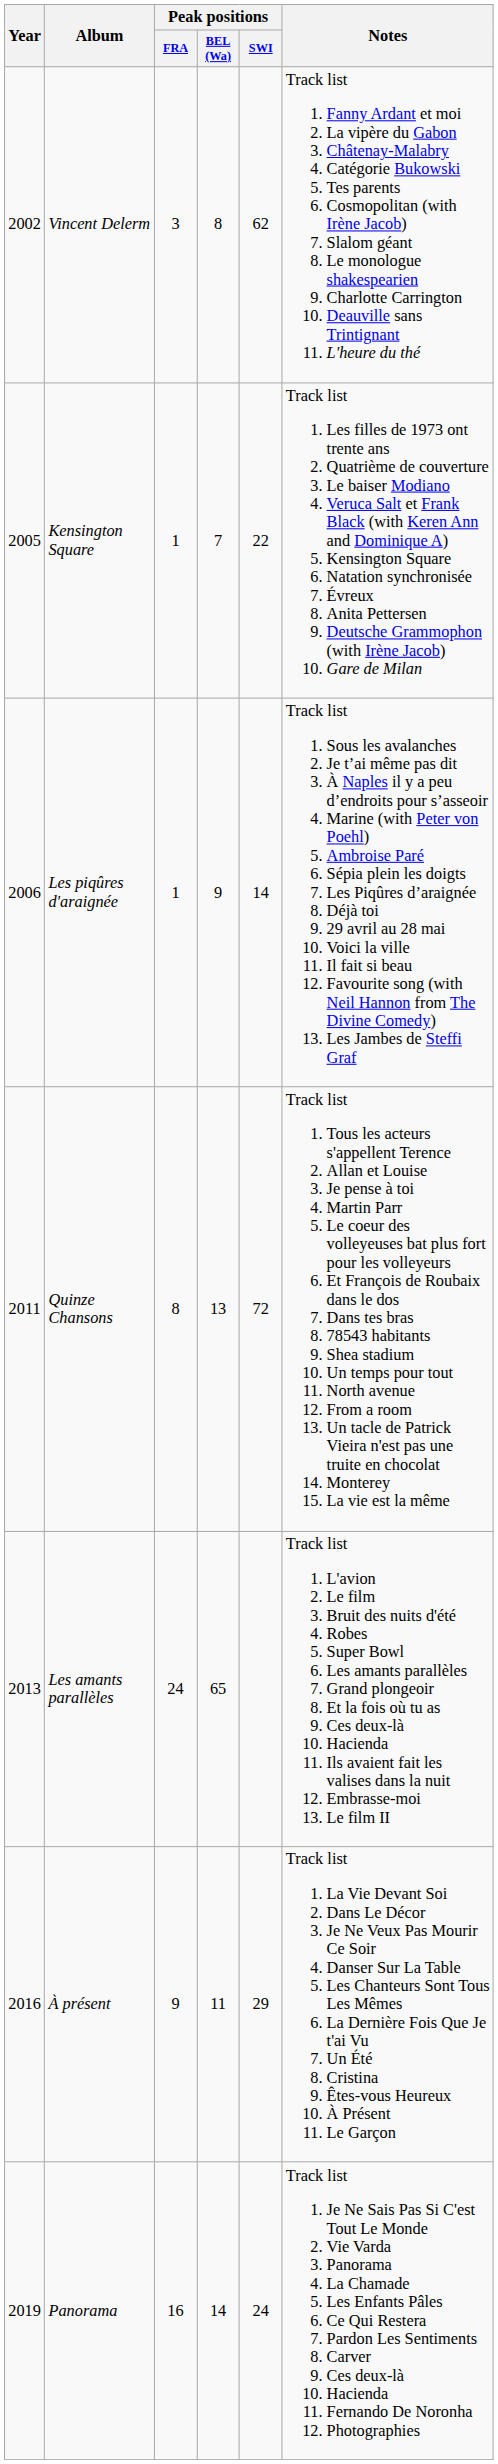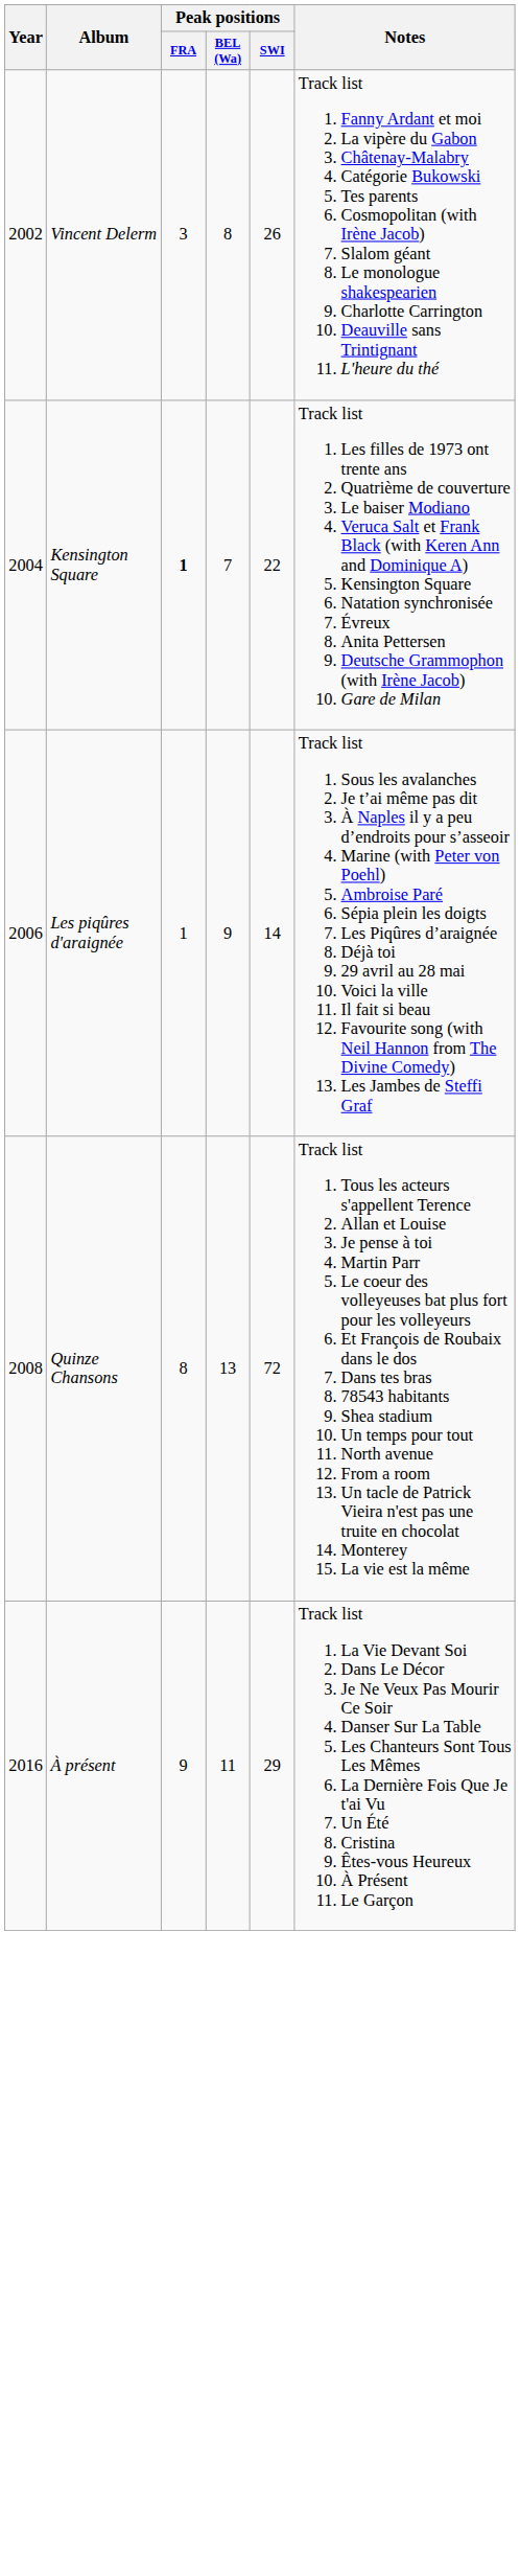 <table class="wikitable">
 <tr>
 <th align="center" rowspan="2" width="10">Year</th>
 <th align="center" rowspan="2" width="100">Album</th>
 <th align="center" colspan="3" width="30">Peak positions</th>
 <th align="center" rowspan="2" width="200">Notes</th>
 </tr>
 <tr>
 <th scope="col" style="width:3em;font-size:75%;"><a href='#'>FRA</a><br></th>
 <th scope="col" style="width:3em;font-size:75%;"><a href='#'>BEL <br>(Wa)</a><br></th>
 <th scope="col" style="width:3em;font-size:75%;"><a href='#'>SWI</a><br></th>
 </tr>
 <tr>
 <td align="center">2002</td>
 <td><em>Vincent Delerm</em></td>
 <td align="center">3</td>
 <td align="center">8</td>
-<td align="center">62</td>
+<td align="center">26</td>
 <td>Track list<br><ol><li><a href='#'>Fanny Ardant</a> et moi</li><li>La vipère du <a href='#'>Gabon</a></li><li><a href='#'>Châtenay-Malabry</a></li><li>Catégorie <a href='#'>Bukowski</a></li><li>Tes parents</li><li>Cosmopolitan (with <a href='#'>Irène Jacob</a>)</li><li>Slalom géant</li><li>Le monologue <a href='#'>shakespearien</a></li><li>Charlotte Carrington</li><li><a href='#'>Deauville</a> sans <a href='#'>Trintignant</a></li><li><em>L'heure du thé</em></li></ol></td>
 </tr>
 <tr>
-<td align="center">2005</td>
+<td align="center">2004</td>
 <td><em>Kensington Square</em></td>
-<td align="center">1</td>
+<td align="center"><strong>1</strong></td>
 <td align="center">7</td>
 <td align="center">22</td>
 <td>Track list<br><ol><li>Les filles de 1973 ont trente ans</li><li>Quatrième de couverture</li><li>Le baiser <a href='#'>Modiano</a></li><li><a href='#'>Veruca Salt</a> et <a href='#'>Frank Black</a> (with <a href='#'>Keren Ann</a> and <a href='#'>Dominique A</a>)</li><li>Kensington Square</li><li>Natation synchronisée</li><li>Évreux</li><li>Anita Pettersen</li><li><a href='#'>Deutsche Grammophon</a> (with <a href='#'>Irène Jacob</a>)</li><li><em>Gare de Milan</em></li></ol></td>
 </tr>
 <tr>
 <td align="center">2006</td>
 <td><em>Les piqûres d'araignée</em></td>
 <td align="center">1</td>
 <td align="center">9</td>
 <td align="center">14</td>
 <td>Track list<br><ol><li>Sous les avalanches</li><li>Je t’ai même pas dit</li><li>À <a href='#'>Naples</a> il y a peu d’endroits pour s’asseoir</li><li>Marine (with <a href='#'>Peter von Poehl</a>)</li><li><a href='#'>Ambroise Paré</a></li><li>Sépia plein les doigts</li><li>Les Piqûres d’araignée</li><li>Déjà toi</li><li>29 avril au 28 mai</li><li>Voici la ville</li><li>Il fait si beau</li><li>Favourite song (with <a href='#'>Neil Hannon</a> from <a href='#'>The Divine Comedy</a>)</li><li>Les Jambes de <a href='#'>Steffi Graf</a></li></ol></td>
 </tr>
 <tr>
-<td align="center">2011</td>
+<td align="center">2008</td>
 <td><em>Quinze Chansons</em></td>
 <td align="center">8</td>
 <td align="center">13</td>
 <td align="center">72</td>
 <td>Track list<br><ol><li>Tous les acteurs s'appellent Terence</li><li>Allan et Louise</li><li>Je pense à toi</li><li>Martin Parr</li><li>Le coeur des volleyeuses bat plus fort pour les volleyeurs</li><li>Et François de Roubaix dans le dos</li><li>Dans tes bras</li><li>78543 habitants</li><li>Shea stadium</li><li>Un temps pour tout</li><li>North avenue</li><li>From a room</li><li>Un tacle de Patrick Vieira n'est pas une truite en chocolat</li><li>Monterey</li><li>La vie est la même</li></ol></td>
-</tr>
-<tr>
-<td align="center">2013</td>
-<td><em>Les amants parallèles</em></td>
-<td align="center">24</td>
-<td align="center">65</td>
-<td align="center"></td>
-<td>Track list<br><ol><li>L'avion</li><li>Le film</li><li>Bruit des nuits d'été</li><li>Robes</li><li>Super Bowl</li><li>Les amants parallèles</li><li>Grand plongeoir</li><li>Et la fois où tu as</li><li>Ces deux-là</li><li>Hacienda</li><li>Ils avaient fait les valises dans la nuit</li><li>Embrasse-moi</li><li>Le film II</li></ol></td>
 </tr>
 <tr>
 <td align="center">2016</td>
 <td><em>À présent</em></td>
 <td align="center">9<br></td>
 <td align="center">11</td>
 <td align="center">29</td>
 <td>Track list<br><ol><li>La Vie Devant Soi</li><li>Dans Le Décor</li><li>Je Ne Veux Pas Mourir Ce Soir</li><li>Danser Sur La Table</li><li>Les Chanteurs Sont Tous Les Mêmes</li><li>La Dernière Fois Que Je t'ai Vu</li><li>Un Été</li><li>Cristina</li><li>Êtes-vous Heureux</li><li>À Présent</li><li>Le Garçon</li></ol></td>
 </tr>
-<tr>
-<td align="center">2019</td>
-<td><em>Panorama</em></td>
-<td align="center">16<br></td>
-<td align="center">14</td>
-<td align="center">24</td>
-<td>Track list<br><ol><li>Je Ne Sais Pas Si C'est Tout Le Monde</li><li>Vie Varda</li><li>Panorama</li><li>La Chamade</li><li>Les Enfants Pâles</li><li>Ce Qui Restera</li><li>Pardon Les Sentiments</li><li>Carver</li><li>Ces deux-là</li><li>Hacienda</li><li>Fernando De Noronha</li><li>Photographies</li></ol></td>
-</tr>
 </table>
